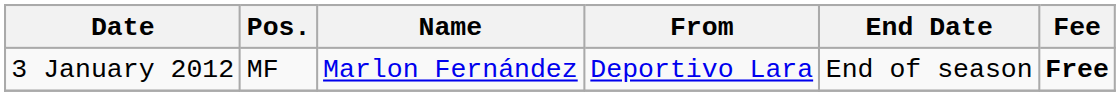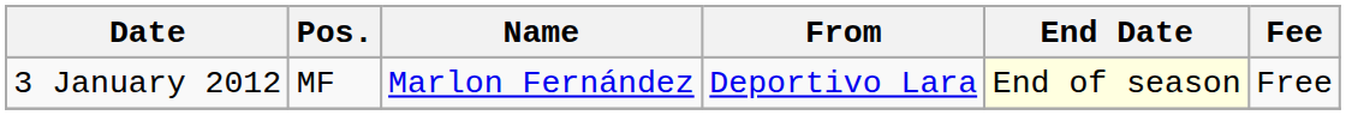 <table class="wikitable">
 <tr>
 <th>Date</th>
 <th>Pos.</th>
 <th>Name</th>
 <th>From</th>
 <th>End Date</th>
 <th>Fee</th>
 </tr>
 <tr>
 <td>3 January 2012</td>
 <td>MF</td>
 <td> <a href='#'>Marlon Fernández</a></td>
 <td> <a href='#'>Deportivo Lara</a></td>
-<td>End of season</td>
-<td><strong>Free</strong></td>
+<td style="background: lightyellow;">End of season</td>
+<td>Free</td>
 </tr>
 <tr>
 </tr>
 </table>
